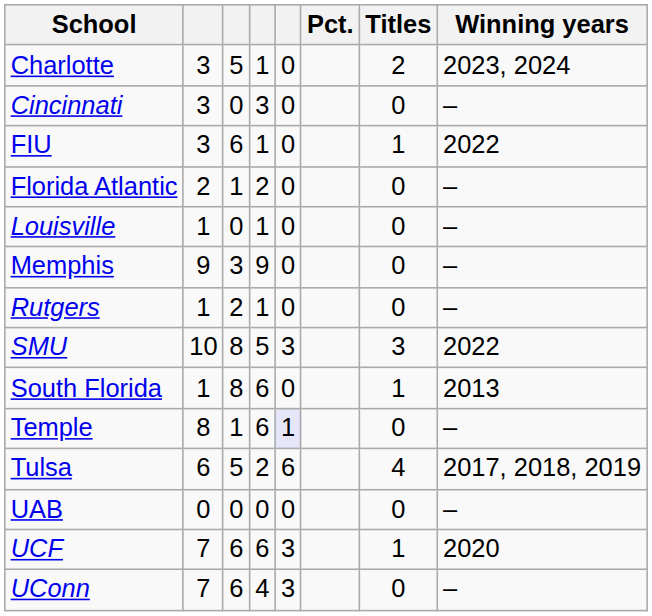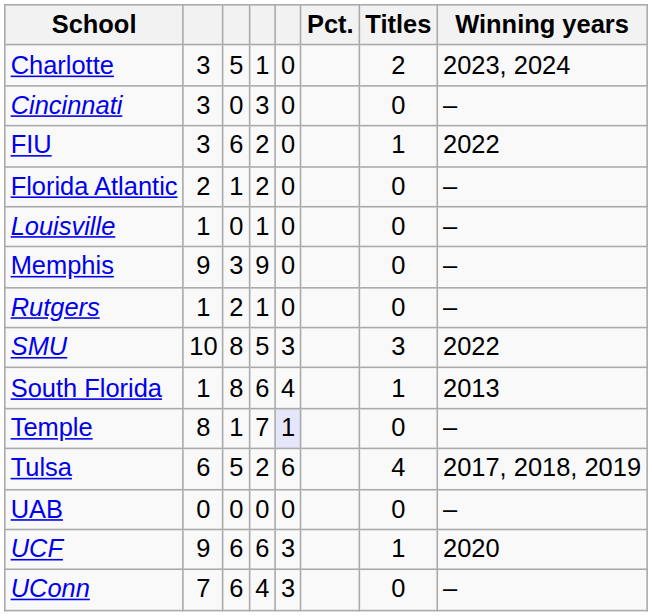 <table class="wikitable sortable" style="text-align:center;">
 <tr>
 <th width=px>School</th>
 <th width=px></th>
 <th width=px></th>
 <th width=px></th>
 <th width=px></th>
 <th width=px>Pct.</th>
 <th width=px>Titles</th>
 <th width=px>Winning years</th>
 </tr>
 <tr>
 <td align=left><a href='#'>Charlotte</a></td>
 <td>3</td>
 <td>5</td>
 <td>1</td>
 <td>0</td>
 <td></td>
 <td>2</td>
 <td align=left>2023, 2024</td>
 </tr>
 <tr>
 <td align=left><em><a href='#'>Cincinnati</a></em></td>
 <td>3</td>
 <td>0</td>
 <td>3</td>
 <td>0</td>
 <td></td>
 <td>0</td>
 <td align=left>–</td>
 </tr>
 <tr>
 <td align=left><a href='#'>FIU</a></td>
 <td>3</td>
 <td>6</td>
-<td>1</td>
+<td>2</td>
 <td>0</td>
 <td></td>
 <td>1</td>
 <td align=left>2022</td>
 </tr>
 <tr>
 <td align=left><a href='#'>Florida Atlantic</a></td>
 <td>2</td>
 <td>1</td>
 <td>2</td>
 <td>0</td>
 <td></td>
 <td>0</td>
 <td align=left>–</td>
 </tr>
 <tr>
 <td align=left><em><a href='#'>Louisville</a></em></td>
 <td>1</td>
 <td>0</td>
 <td>1</td>
 <td>0</td>
 <td></td>
 <td>0</td>
 <td align=left>–</td>
 </tr>
 <tr>
 <td align=left><a href='#'>Memphis</a></td>
 <td>9</td>
 <td>3</td>
 <td>9</td>
 <td>0</td>
 <td></td>
 <td>0</td>
 <td align=left>–</td>
 </tr>
 <tr>
 <td align=left><em><a href='#'>Rutgers</a></em></td>
 <td>1</td>
 <td>2</td>
 <td>1</td>
 <td>0</td>
 <td></td>
 <td>0</td>
 <td align=left>–</td>
 </tr>
 <tr>
 <td align=left><em><a href='#'>SMU</a></em></td>
 <td>10</td>
 <td>8</td>
 <td>5</td>
 <td>3</td>
 <td></td>
 <td>3</td>
 <td align=left>2022</td>
 </tr>
 <tr>
 <td align=left><a href='#'>South Florida</a></td>
 <td>1</td>
 <td>8</td>
 <td>6</td>
-<td>0</td>
+<td>4</td>
 <td></td>
 <td>1</td>
 <td align=left>2013</td>
 </tr>
 <tr>
 <td align=left><a href='#'>Temple</a></td>
 <td>8</td>
 <td>1</td>
-<td>6</td>
+<td>7</td>
 <td style="background: lavender;">1</td>
 <td></td>
 <td>0</td>
 <td align=left>–</td>
 </tr>
 <tr>
 <td align=left><a href='#'>Tulsa</a></td>
 <td>6</td>
 <td>5</td>
 <td>2</td>
 <td>6</td>
 <td></td>
 <td>4</td>
 <td align=left>2017, 2018, 2019</td>
 </tr>
 <tr>
 <td align=left><a href='#'>UAB</a></td>
 <td>0</td>
 <td>0</td>
 <td>0</td>
 <td>0</td>
 <td></td>
 <td>0</td>
 <td align=left>–</td>
 </tr>
 <tr>
 <td align=left><em><a href='#'>UCF</a></em></td>
-<td>7</td>
+<td>9</td>
 <td>6</td>
 <td>6</td>
 <td>3</td>
 <td></td>
 <td>1</td>
 <td align=left>2020</td>
 </tr>
 <tr>
 <td align=left><em><a href='#'>UConn</a></em></td>
 <td>7</td>
 <td>6</td>
 <td>4</td>
 <td>3</td>
 <td></td>
 <td>0</td>
 <td align=left>–</td>
 </tr>
 </table>
